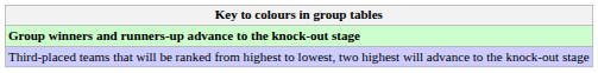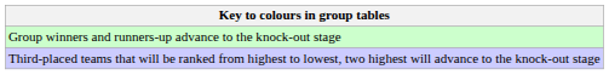 <table class="wikitable">
 <tr>
 <th>Key to colours in group tables</th>
 </tr>
 <tr bgcolor=#ccffcc>
-<td><strong>Group winners and runners-up advance to the knock-out stage</strong></td>
+<td>Group winners and runners-up advance to the knock-out stage</td>
 </tr>
 <tr bgcolor=#ccccff>
 <td>Third-placed teams that will be ranked from highest to lowest, two highest will advance to the knock-out stage</td>
 </tr>
 </table>
